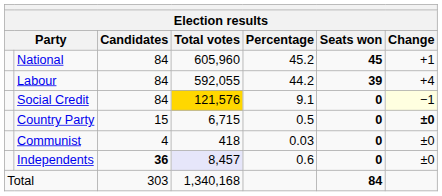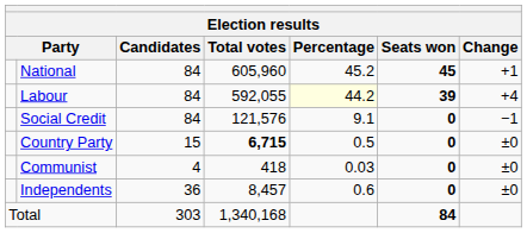 <table class="wikitable" style="text-align:right">
 <tr>
 <th colspan=7></th>
 </tr>
 <tr>
 <th colspan=7>Election results</th>
 </tr>
 <tr>
 <th colspan=2>Party</th>
 <th>Candidates</th>
 <th>Total votes</th>
 <th>Percentage</th>
 <th>Seats won</th>
 <th>Change</th>
 </tr>
 <tr>
 <td width=5 bgcolor=></td>
 <td align=left><a href='#'>National</a></td>
 <td>84</td>
 <td>605,960</td>
 <td>45.2</td>
 <td><strong>45</strong></td>
 <td>+1</td>
 </tr>
 <tr>
 <td bgcolor=></td>
 <td align=left><a href='#'>Labour</a></td>
 <td>84</td>
 <td>592,055</td>
-<td>44.2</td>
+<td style="background: lightyellow;">44.2</td>
 <td><strong>39</strong></td>
 <td>+4</td>
 </tr>
 <tr>
 <td bgcolor=></td>
 <td align=left><a href='#'>Social Credit</a></td>
 <td>84</td>
-<td style="background: gold;">121,576</td>
+<td>121,576</td>
 <td>9.1</td>
 <td><strong>0</strong></td>
-<td style="background: lightyellow;">−1</td>
+<td>−1</td>
 </tr>
 <tr>
 <td bgcolor=></td>
 <td align=left><a href='#'>Country Party</a></td>
 <td>15</td>
-<td>6,715</td>
+<td><strong>6,715</strong></td>
 <td>0.5</td>
 <td><strong>0</strong></td>
-<td><strong>±0</strong></td>
+<td>±0</td>
 </tr>
 <tr>
 <td bgcolor=></td>
 <td align=left><a href='#'>Communist</a></td>
 <td>4</td>
 <td>418</td>
 <td>0.03</td>
 <td><strong>0</strong></td>
 <td>±0</td>
 </tr>
 <tr>
 <td bgcolor=></td>
 <td align=left><a href='#'>Independents</a></td>
-<td><strong>36</strong></td>
-<td style="background: lavender;">8,457</td>
+<td>36</td>
+<td>8,457</td>
 <td>0.6</td>
 <td><strong>0</strong></td>
 <td>±0</td>
 </tr>
 <tr bgcolor=>
 <td colspan=2 align=left>Total</td>
 <td>303</td>
 <td>1,340,168</td>
 <td></td>
 <td><strong>84</strong></td>
 <td></td>
 </tr>
 </table>
